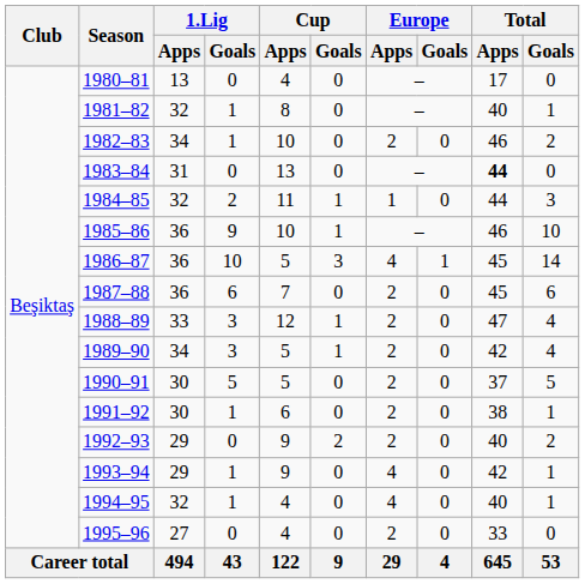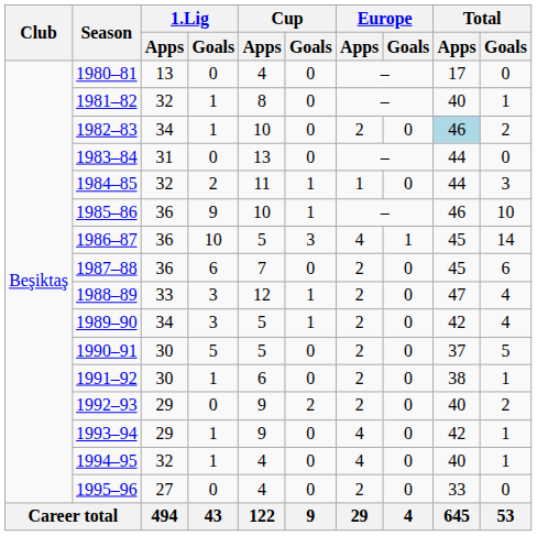 <table class="wikitable" style="text-align: center;">
 <tr>
 <th rowspan="2">Club</th>
 <th rowspan="2">Season</th>
 <th colspan="2"><a href='#'>1.Lig</a></th>
 <th colspan="2">Cup</th>
 <th colspan="2"><a href='#'>Europe</a></th>
 <th colspan="2">Total</th>
 </tr>
 <tr>
 <th>Apps</th>
 <th>Goals</th>
 <th>Apps</th>
 <th>Goals</th>
 <th>Apps</th>
 <th>Goals</th>
 <th>Apps</th>
 <th>Goals</th>
 </tr>
 <tr>
 <td rowspan="16"><a href='#'>Beşiktaş</a></td>
 <td><a href='#'>1980–81</a></td>
 <td>13</td>
 <td>0</td>
 <td>4</td>
 <td>0</td>
 <td colspan="2">–</td>
 <td>17</td>
 <td>0</td>
 </tr>
 <tr>
 <td><a href='#'>1981–82</a></td>
 <td>32</td>
 <td>1</td>
 <td>8</td>
 <td>0</td>
 <td colspan="2">–</td>
 <td>40</td>
 <td>1</td>
 </tr>
 <tr>
 <td><a href='#'>1982–83</a></td>
 <td>34</td>
 <td>1</td>
 <td>10</td>
 <td>0</td>
 <td>2</td>
 <td>0</td>
-<td>46</td>
+<td style="background: lightblue;">46</td>
 <td>2</td>
 </tr>
 <tr>
 <td><a href='#'>1983–84</a></td>
 <td>31</td>
 <td>0</td>
 <td>13</td>
 <td>0</td>
 <td colspan="2">–</td>
-<td><strong>44</strong></td>
+<td>44</td>
 <td>0</td>
 </tr>
 <tr>
 <td><a href='#'>1984–85</a></td>
 <td>32</td>
 <td>2</td>
 <td>11</td>
 <td>1</td>
 <td>1</td>
 <td>0</td>
 <td>44</td>
 <td>3</td>
 </tr>
 <tr>
 <td><a href='#'>1985–86</a></td>
 <td>36</td>
 <td>9</td>
 <td>10</td>
 <td>1</td>
 <td colspan="2">–</td>
 <td>46</td>
 <td>10</td>
 </tr>
 <tr>
 <td><a href='#'>1986–87</a></td>
 <td>36</td>
 <td>10</td>
 <td>5</td>
 <td>3</td>
 <td>4</td>
 <td>1</td>
 <td>45</td>
 <td>14</td>
 </tr>
 <tr>
 <td><a href='#'>1987–88</a></td>
 <td>36</td>
 <td>6</td>
 <td>7</td>
 <td>0</td>
 <td>2</td>
 <td>0</td>
 <td>45</td>
 <td>6</td>
 </tr>
 <tr>
 <td><a href='#'>1988–89</a></td>
 <td>33</td>
 <td>3</td>
 <td>12</td>
 <td>1</td>
 <td>2</td>
 <td>0</td>
 <td>47</td>
 <td>4</td>
 </tr>
 <tr>
 <td><a href='#'>1989–90</a></td>
 <td>34</td>
 <td>3</td>
 <td>5</td>
 <td>1</td>
 <td>2</td>
 <td>0</td>
 <td>42</td>
 <td>4</td>
 </tr>
 <tr>
 <td><a href='#'>1990–91</a></td>
 <td>30</td>
 <td>5</td>
 <td>5</td>
 <td>0</td>
 <td>2</td>
 <td>0</td>
 <td>37</td>
 <td>5</td>
 </tr>
 <tr>
 <td><a href='#'>1991–92</a></td>
 <td>30</td>
 <td>1</td>
 <td>6</td>
 <td>0</td>
 <td>2</td>
 <td>0</td>
 <td>38</td>
 <td>1</td>
 </tr>
 <tr>
 <td><a href='#'>1992–93</a></td>
 <td>29</td>
 <td>0</td>
 <td>9</td>
 <td>2</td>
 <td>2</td>
 <td>0</td>
 <td>40</td>
 <td>2</td>
 </tr>
 <tr>
 <td><a href='#'>1993–94</a></td>
 <td>29</td>
 <td>1</td>
 <td>9</td>
 <td>0</td>
 <td>4</td>
 <td>0</td>
 <td>42</td>
 <td>1</td>
 </tr>
 <tr>
 <td><a href='#'>1994–95</a></td>
 <td>32</td>
 <td>1</td>
 <td>4</td>
 <td>0</td>
 <td>4</td>
 <td>0</td>
 <td>40</td>
 <td>1</td>
 </tr>
 <tr>
 <td><a href='#'>1995–96</a></td>
 <td>27</td>
 <td>0</td>
 <td>4</td>
 <td>0</td>
 <td>2</td>
 <td>0</td>
 <td>33</td>
 <td>0</td>
 </tr>
 <tr>
 <th colspan="2">Career total</th>
 <th>494</th>
 <th>43</th>
 <th>122</th>
 <th>9</th>
 <th>29</th>
 <th>4</th>
 <th>645</th>
 <th>53</th>
 </tr>
 </table>
